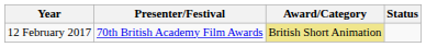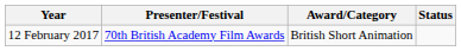 <table class="wikitable">
 <tr>
 <th>Year</th>
 <th>Presenter/Festival</th>
 <th>Award/Category</th>
 <th>Status</th>
 </tr>
 <tr>
 <td rowspan="10">12 February 2017</td>
 <td><a href='#'>70th British Academy Film Awards</a></td>
-<td style="background: khaki;">British Short Animation</td>
+<td>British Short Animation</td>
 <td></td>
 </tr>
 </table>
